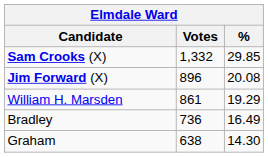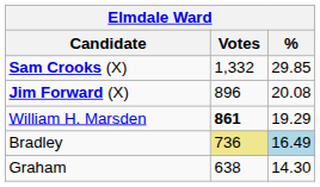 <table class="wikitable">
 <tr>
 <th colspan="3"><a href='#'>Elmdale Ward</a></th>
 </tr>
 <tr>
 <th style="width: 200px">Candidate</th>
 <th style="width: 50px">Votes</th>
 <th style="width: 40px">%</th>
 </tr>
 <tr>
 <td><strong><a href='#'>Sam Crooks</a></strong> (X)</td>
 <td>1,332</td>
 <td>29.85</td>
 </tr>
 <tr>
 <td><strong><a href='#'>Jim Forward</a></strong> (X)</td>
 <td>896</td>
 <td>20.08</td>
 </tr>
 <tr>
 <td><a href='#'>William H. Marsden</a></td>
-<td>861</td>
+<td><strong>861</strong></td>
 <td>19.29</td>
 </tr>
 <tr>
 <td>Bradley</td>
-<td>736</td>
-<td>16.49</td>
+<td style="background: khaki;">736</td>
+<td style="background: lightblue;">16.49</td>
 </tr>
 <tr>
 <td>Graham</td>
 <td>638</td>
 <td>14.30</td>
 </tr>
 </table>
